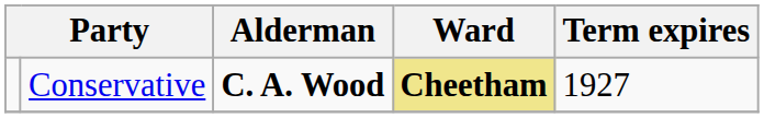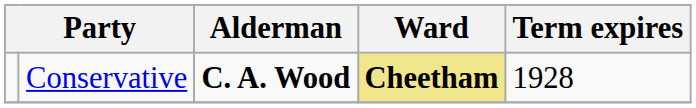 <table class="wikitable">
 <tr>
 <th colspan="2">Party</th>
 <th>Alderman</th>
 <th>Ward</th>
 <th>Term expires</th>
 </tr>
 <tr>
 <td style="background-color:"></td>
 <td><a href='#'>Conservative</a></td>
 <td><strong>C. A. Wood</strong></td>
 <td style="background: khaki;"><strong>Cheetham</strong></td>
-<td>1927</td>
+<td>1928</td>
 </tr>
 <tr>
 </tr>
 </table>
